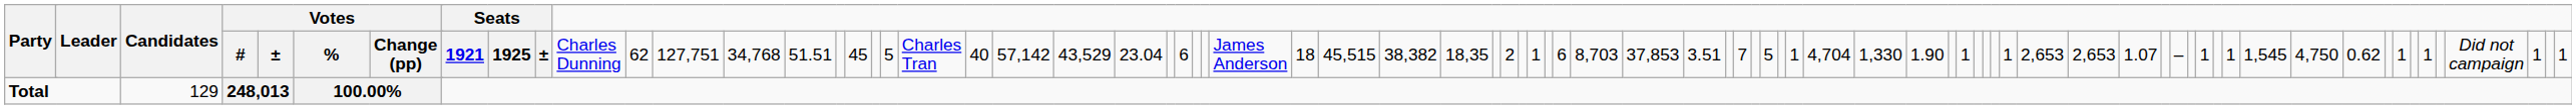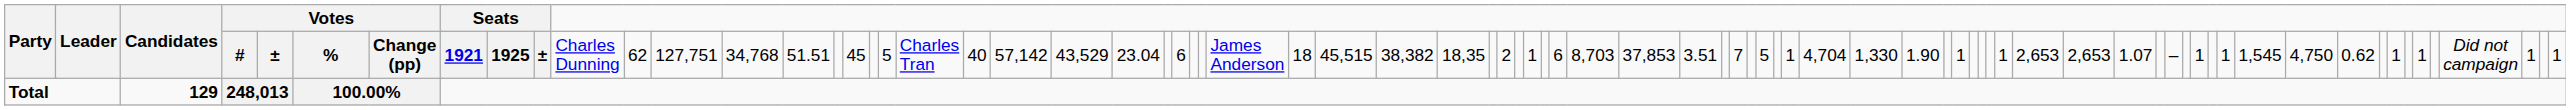 <table class="wikitable" style="text-align:right; font-size:85%">
 <tr>
 <th rowspan="2" colspan="2" style="width:15%">Party</th>
 <th rowspan="2">Leader</th>
 <th rowspan="2">Candidates</th>
 <th colspan="6">Votes</th>
 <th colspan="3">Seats</th>
 </tr>
 <tr>
 <th>#</th>
 <th>±</th>
 <th>%</th>
 <th colspan="3">Change (pp)</th>
 <th><a href='#'>1921</a></th>
 <th>1925</th>
 <th>±<br></th>
 <td style="text-align:left;"><a href='#'>Charles Dunning</a></td>
 <td>62</td>
 <td>127,751</td>
 <td>34,768</td>
 <td>51.51</td>
 <td></td>
 <td>45</td>
 <td></td>
 <td>5<br></td>
 <td style="text-align:left;"><a href='#'>Charles Tran</a></td>
 <td>40</td>
 <td>57,142</td>
 <td>43,529</td>
 <td>23.04</td>
 <td></td>
 <td>6</td>
 <td></td>
 <td><br></td>
 <td style="text-align:left;"><a href='#'>James Anderson</a></td>
 <td>18</td>
 <td>45,515</td>
 <td>38,382</td>
 <td>18,35</td>
 <td></td>
 <td>2</td>
 <td></td>
 <td>1<br></td>
 <td style="text-align:left;"></td>
 <td>6</td>
 <td>8,703</td>
 <td>37,853</td>
 <td>3.51</td>
 <td></td>
 <td>7</td>
 <td></td>
 <td>5<br></td>
 <td style="text-align:left;"></td>
 <td>1</td>
 <td>4,704</td>
 <td>1,330</td>
 <td>1.90</td>
 <td></td>
 <td>1</td>
 <td></td>
 <td><br></td>
 <td style="text-align:left;"></td>
 <td>1</td>
 <td>2,653</td>
 <td>2,653</td>
 <td>1.07</td>
 <td></td>
 <td>–</td>
 <td></td>
 <td>1<br></td>
 <td style="text-align:left;"></td>
 <td>1</td>
 <td>1,545</td>
 <td>4,750</td>
 <td>0.62</td>
 <td></td>
 <td>1</td>
 <td></td>
 <td>1<br></td>
 <td style="text-align:left;"></td>
 <td colspan="7" style="text-align:center;"><em>Did not campaign</em></td>
 <td>1</td>
 <td></td>
 <td>1</td>
 </tr>
 <tr>
 <td colspan="3" style="text-align: left;"><strong>Total</strong></td>
-<td>129</td>
+<td><strong>129</strong></td>
 <th colspan="2">248,013</th>
 <th colspan="2">100.00%</th>
 </tr>
 </table>
